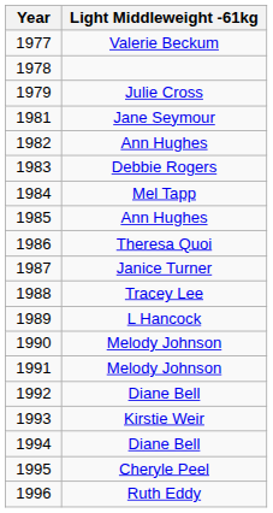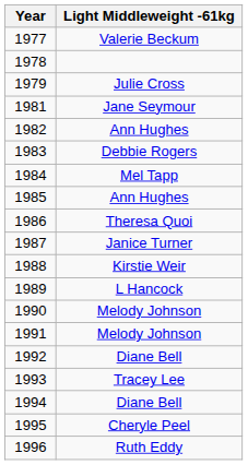 <table class="wikitable" style="text-align:center">
 <tr>
 <th width=50>Year</th>
 <th width=200>Light Middleweight -61kg</th>
 </tr>
 <tr>
 <td>1977</td>
 <td><a href='#'>Valerie Beckum</a></td>
 </tr>
 <tr>
 <td>1978</td>
 <td></td>
 </tr>
 <tr>
 <td>1979</td>
 <td><a href='#'>Julie Cross</a></td>
 </tr>
 <tr>
 <td>1981</td>
 <td><a href='#'>Jane Seymour</a></td>
 </tr>
 <tr>
 <td>1982</td>
 <td><a href='#'>Ann Hughes</a></td>
 </tr>
 <tr>
 <td>1983</td>
 <td><a href='#'>Debbie Rogers</a></td>
 </tr>
 <tr>
 <td>1984</td>
 <td><a href='#'>Mel Tapp</a></td>
 </tr>
 <tr>
 <td>1985</td>
 <td><a href='#'>Ann Hughes</a></td>
 </tr>
 <tr>
 <td>1986</td>
 <td><a href='#'>Theresa Quoi</a></td>
 </tr>
 <tr>
 <td>1987</td>
 <td><a href='#'>Janice Turner</a></td>
 </tr>
 <tr>
 <td>1988</td>
-<td><a href='#'>Tracey Lee</a></td>
+<td><a href='#'>Kirstie Weir</a></td>
 </tr>
 <tr>
 <td>1989</td>
 <td><a href='#'>L Hancock</a></td>
 </tr>
 <tr>
 <td>1990</td>
 <td><a href='#'>Melody Johnson</a></td>
 </tr>
 <tr>
 <td>1991</td>
 <td><a href='#'>Melody Johnson</a></td>
 </tr>
 <tr>
 <td>1992</td>
 <td><a href='#'>Diane Bell</a></td>
 </tr>
 <tr>
 <td>1993</td>
-<td><a href='#'>Kirstie Weir</a></td>
+<td><a href='#'>Tracey Lee</a></td>
 </tr>
 <tr>
 <td>1994</td>
 <td><a href='#'>Diane Bell</a></td>
 </tr>
 <tr>
 <td>1995</td>
 <td><a href='#'>Cheryle Peel</a></td>
 </tr>
 <tr>
 <td>1996</td>
 <td><a href='#'>Ruth Eddy</a></td>
 </tr>
 </table>
